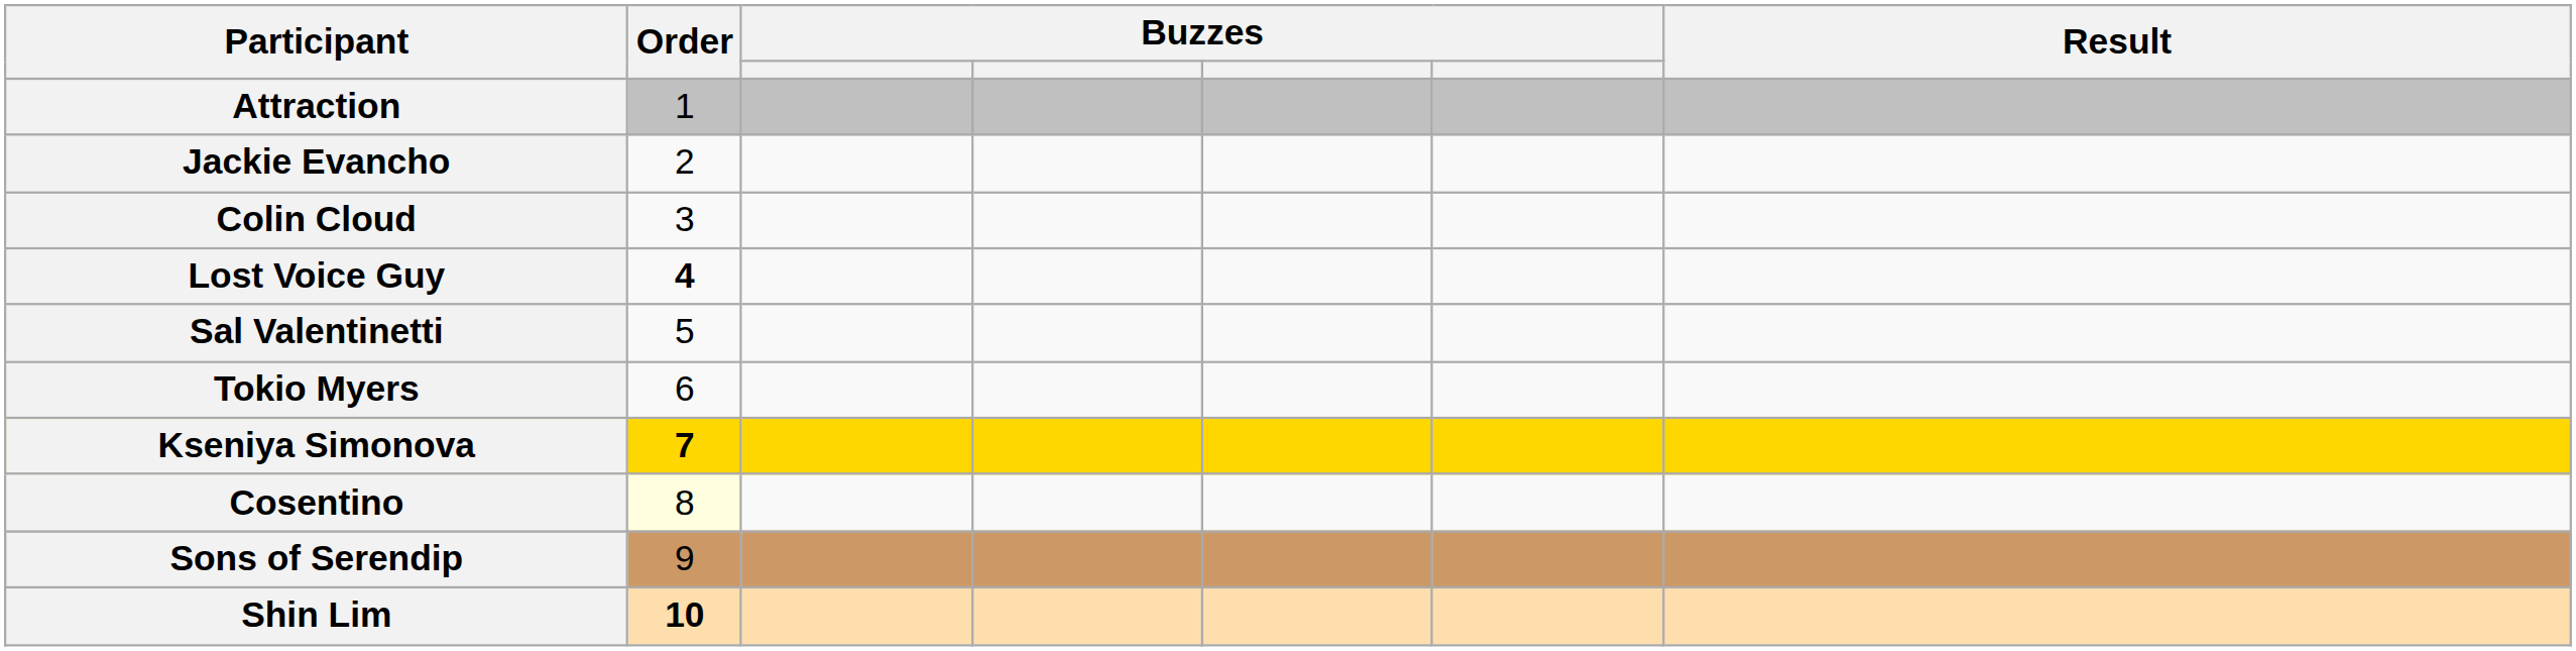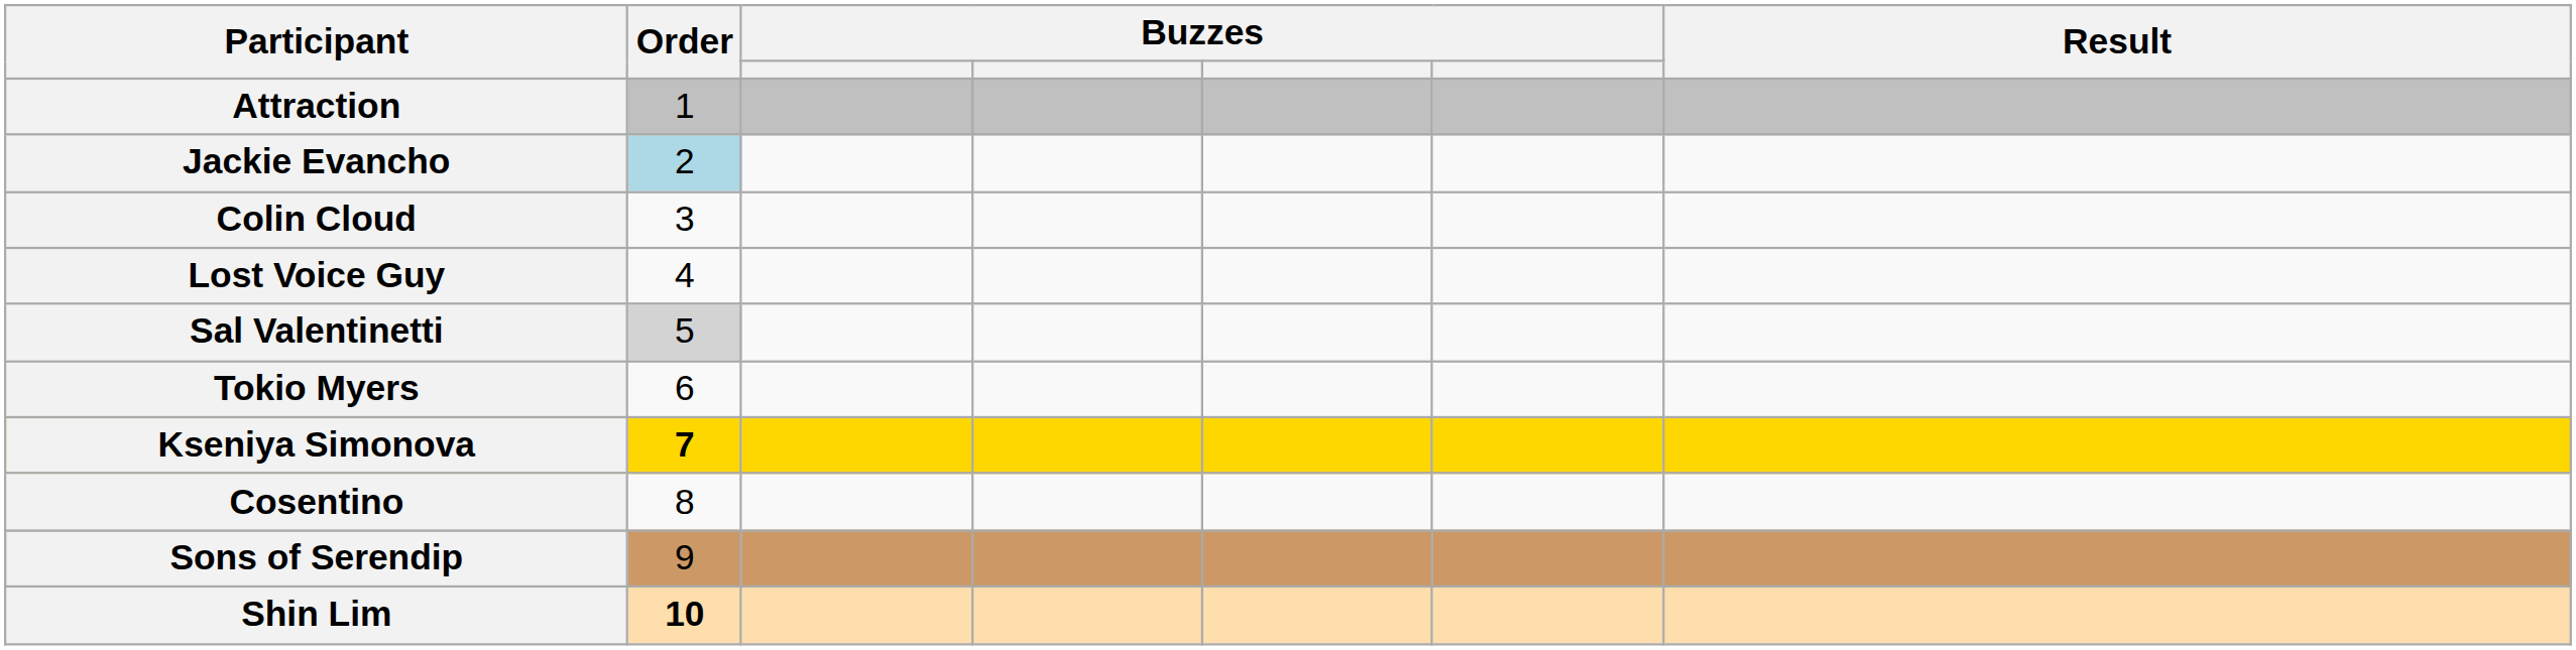 <table class="wikitable plainrowheaders sortable" style="text-align:center;">
 <tr>
 <th scope="col" rowspan="2" class="unsortable" style="width:17em;">Participant</th>
 <th scope="col" rowspan="2" style="width:1em;">Order</th>
 <th scope="col" colspan="4" class="unsortable" style="width:24em;">Buzzes</th>
 <th scope="col" rowspan="2" style="width:25em;">Result</th>
 </tr>
 <tr>
 <th scope="col" class="unsortable" style="width:6em;"></th>
 <th scope="col" class="unsortable" style="width:6em;"></th>
 <th scope="col" class="unsortable" style="width:6em;"></th>
 <th scope="col" class="unsortable" style="width:6em;"></th>
 </tr>
 <tr bgcolor=silver>
 <th scope="row">Attraction</th>
 <td>1</td>
 <td style="text-align:center;"></td>
 <td style="text-align:center;"></td>
 <td style="text-align:center;"></td>
 <td style="text-align:center;"></td>
 <td></td>
 </tr>
 <tr>
 <th scope="row">Jackie Evancho</th>
-<td>2</td>
+<td style="background: lightblue;">2</td>
 <td style="text-align:center;"></td>
 <td style="text-align:center;"></td>
 <td style="text-align:center;"></td>
 <td style="text-align:center;"></td>
 <td></td>
 </tr>
 <tr>
 <th scope="row">Colin Cloud </th>
 <td>3</td>
 <td style="text-align:center;"></td>
 <td style="text-align:center;"></td>
 <td style="text-align:center;"></td>
 <td style="text-align:center;"></td>
 <td></td>
 </tr>
 <tr>
 <th scope="row">Lost Voice Guy</th>
-<td><strong>4</strong></td>
+<td>4</td>
 <td style="text-align:center;"></td>
 <td style="text-align:center;"></td>
 <td style="text-align:center;"></td>
 <td style="text-align:center;"></td>
 <td></td>
 </tr>
 <tr>
 <th scope="row">Sal Valentinetti</th>
-<td>5</td>
+<td style="background: lightgrey;">5</td>
 <td style="text-align:center;"></td>
 <td style="text-align:center;"></td>
 <td style="text-align:center;"></td>
 <td style="text-align:center;"></td>
 <td></td>
 </tr>
 <tr>
 <th scope="row">Tokio Myers</th>
 <td>6</td>
 <td style="text-align:center;"></td>
 <td style="text-align:center;"></td>
 <td style="text-align:center;"></td>
 <td style="text-align:center;"></td>
 <td></td>
 </tr>
 <tr bgcolor=gold>
 <th scope="row"><strong>Kseniya Simonova</strong></th>
 <td><strong>7</strong></td>
 <td style="text-align:center;"></td>
 <td style="text-align:center;"></td>
 <td style="text-align:center;"></td>
 <td style="text-align:center;"></td>
 <td><strong></strong></td>
 </tr>
 <tr>
 <th scope="row">Cosentino</th>
-<td style="background: lightyellow;">8</td>
+<td>8</td>
 <td style="text-align:center;"></td>
 <td style="text-align:center;"></td>
 <td style="text-align:center;"></td>
 <td style="text-align:center;"></td>
 <td></td>
 </tr>
 <tr bgcolor=#c96>
 <th scope="row">Sons of Serendip</th>
 <td>9</td>
 <td style="text-align:center;"></td>
 <td style="text-align:center;"></td>
 <td style="text-align:center;"></td>
 <td style="text-align:center;"></td>
 <td></td>
 </tr>
 <tr bgcolor=NavajoWhite>
 <th scope="row"><strong>Shin Lim</strong></th>
 <td><strong>10</strong></td>
 <td style="text-align:center;"></td>
 <td style="text-align:center;"></td>
 <td style="text-align:center;"></td>
 <td style="text-align:center;"></td>
 <td><strong></strong></td>
 </tr>
 </table>
